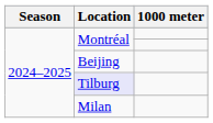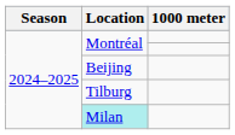 <table class="wikitable" style="display: inline-table;">
 <tr align="center" bgcolor="#b0c4de">
 <th>Season</th>
 <th>Location</th>
 <th>1000 meter</th>
 </tr>
 <tr>
 <td rowspan=5><a href='#'>2024–2025</a></td>
 <td rowspan=2> <a href='#'>Montréal</a></td>
 <td style="text-align:center;"></td>
 </tr>
 <tr>
 <td style="text-align:center;"></td>
 </tr>
 <tr>
 <td> <a href='#'>Beijing</a></td>
 <td style="text-align:center;"></td>
 </tr>
 <tr>
-<td style="background: lavender;"> <a href='#'>Tilburg</a></td>
+<td> <a href='#'>Tilburg</a></td>
 <td style="text-align:center;"></td>
 </tr>
 <tr>
-<td> <a href='#'>Milan</a></td>
+<td style="background: paleturquoise;"> <a href='#'>Milan</a></td>
 <td style="text-align:center;"></td>
 </tr>
 </table>
